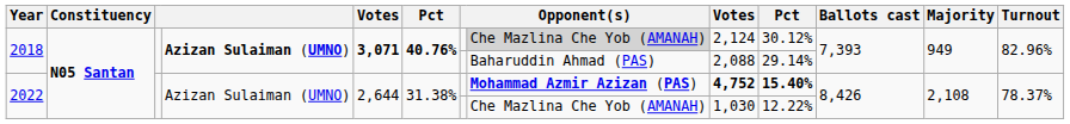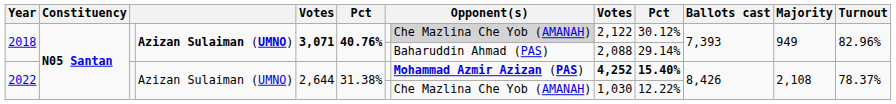 <table class="wikitable" style="margin:0.5em ; font-size:95%">
 <tr>
 <th>Year</th>
 <th>Constituency</th>
 <th colspan=2></th>
 <th>Votes</th>
 <th>Pct</th>
 <th colspan=2>Opponent(s)</th>
 <th>Votes</th>
 <th>Pct</th>
 <th>Ballots cast</th>
 <th>Majority</th>
 <th>Turnout</th>
 </tr>
 <tr>
 <td rowspan=2><a href='#'>2018</a></td>
 <td rowspan=4><strong>N05 <a href='#'>Santan</a></strong></td>
 <td rowspan=2 ></td>
 <td rowspan=2><strong>Azizan Sulaiman</strong> (<a href='#'><strong>UMNO</strong></a>)</td>
 <td rowspan=2 align="right"><strong>3,071</strong></td>
 <td rowspan=2><strong>40.76%</strong></td>
 <td></td>
 <td style="background: lightgrey;">Che Mazlina Che Yob (<a href='#'>AMANAH</a>)</td>
-<td align="right">2,124</td>
+<td align="right">2,122</td>
 <td align="right">30.12%</td>
 <td rowspan=2>7,393</td>
 <td rowspan=2>949</td>
 <td rowspan=2>82.96%</td>
 </tr>
 <tr>
 <td></td>
 <td>Baharuddin Ahmad (<a href='#'>PAS</a>)</td>
 <td align="right">2,088</td>
 <td align="right">29.14%</td>
 </tr>
 <tr>
 <td rowspan=2><a href='#'>2022</a></td>
 <td rowspan=2 ></td>
 <td rowspan=2>Azizan Sulaiman (<a href='#'>UMNO</a>)</td>
 <td rowspan=2 align="right">2,644</td>
 <td rowspan=2 align="right">31.38%</td>
 <td bgcolor=></td>
 <td><strong><a href='#'>Mohammad Azmir Azizan</a></strong> (<a href='#'><strong>PAS</strong></a>)</td>
-<td align="right"><strong>4,752</strong></td>
+<td align="right"><strong>4,252</strong></td>
 <td align="right"><strong>15.40%</strong></td>
 <td rowspan=2>8,426</td>
 <td rowspan=2>2,108</td>
 <td rowspan=2>78.37%</td>
 </tr>
 <tr>
 <td></td>
 <td>Che Mazlina Che Yob (<a href='#'>AMANAH</a>)</td>
 <td align="right">1,030</td>
 <td align="right">12.22%</td>
 </tr>
 </table>
